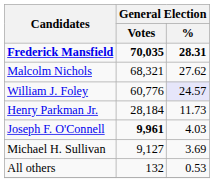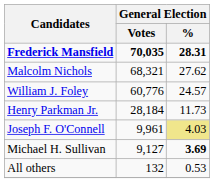 <table class=wikitable>
 <tr>
 <th colspan=1 rowspan=2><strong>Candidates</strong></th>
 <th colspan=2><strong>General Election</strong></th>
 </tr>
 <tr>
 <th>Votes</th>
 <th>%</th>
 </tr>
 <tr>
 <td><strong><a href='#'>Frederick Mansfield</a></strong></td>
 <td align="right"><strong>70,035</strong></td>
 <td align="right"><strong>28.31</strong></td>
 </tr>
 <tr>
 <td><a href='#'>Malcolm Nichols</a></td>
 <td align="right">68,321</td>
 <td align="right">27.62</td>
 </tr>
 <tr>
 <td><a href='#'>William J. Foley</a></td>
 <td align="right">60,776</td>
-<td align="right" style="background: lavender;">24.57</td>
+<td align="right">24.57</td>
 </tr>
 <tr>
 <td><a href='#'>Henry Parkman Jr.</a></td>
 <td align="right">28,184</td>
 <td align="right">11.73</td>
 </tr>
 <tr>
 <td><a href='#'>Joseph F. O'Connell</a></td>
-<td align="right"><strong>9,961</strong></td>
-<td align="right">4.03</td>
+<td align="right">9,961</td>
+<td align="right" style="background: khaki;">4.03</td>
 </tr>
 <tr>
 <td>Michael H. Sullivan</td>
 <td align="right">9,127</td>
-<td align="right">3.69</td>
+<td align="right"><strong>3.69</strong></td>
 </tr>
 <tr>
 <td>All others</td>
 <td align="right">132</td>
 <td align="right">0.53</td>
 </tr>
 <tr>
 </tr>
 </table>
